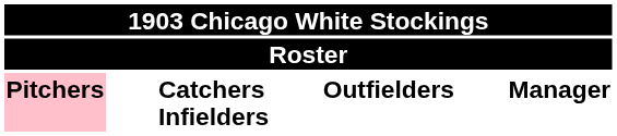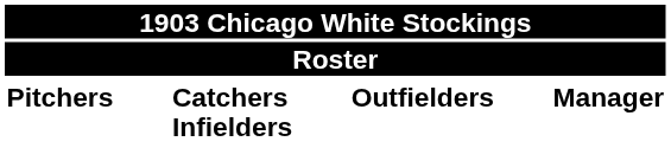 <table class="toccolours" style="font-size: 95%;">
 <tr>
 <th colspan="10" style="background-color: black; color: white; text-align: center;">1903 Chicago White Stockings</th>
 </tr>
 <tr>
 <td colspan="10" style="background-color: black; color: white; text-align: center;"><strong>Roster</strong></td>
 </tr>
 <tr>
-<td valign="top" style="background: pink;"><strong>Pitchers</strong><br>     </td>
+<td valign="top"><strong>Pitchers</strong><br>     </td>
 <td width="25px"></td>
 <td valign="top"><strong>Catchers</strong><br>   <strong>Infielders</strong>       </td>
 <td width="25px"></td>
 <td valign="top"><strong>Outfielders</strong><br>   </td>
 <td width="25px"></td>
 <td valign="top"><strong>Manager</strong><br></td>
 </tr>
 </table>
